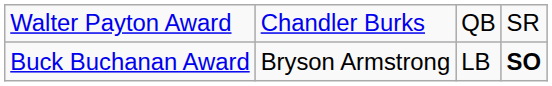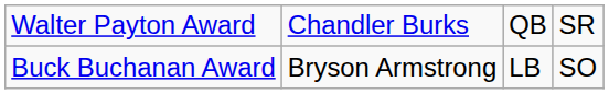 <table class="wikitable">
 <tr>
 <td><a href='#'>Walter Payton Award</a></td>
 <td><a href='#'>Chandler Burks</a></td>
 <td>QB</td>
 <td>SR</td>
 </tr>
 <tr>
 <td><a href='#'>Buck Buchanan Award</a></td>
 <td>Bryson Armstrong</td>
 <td>LB</td>
-<td><strong>SO</strong></td>
+<td>SO</td>
 </tr>
 </table>
